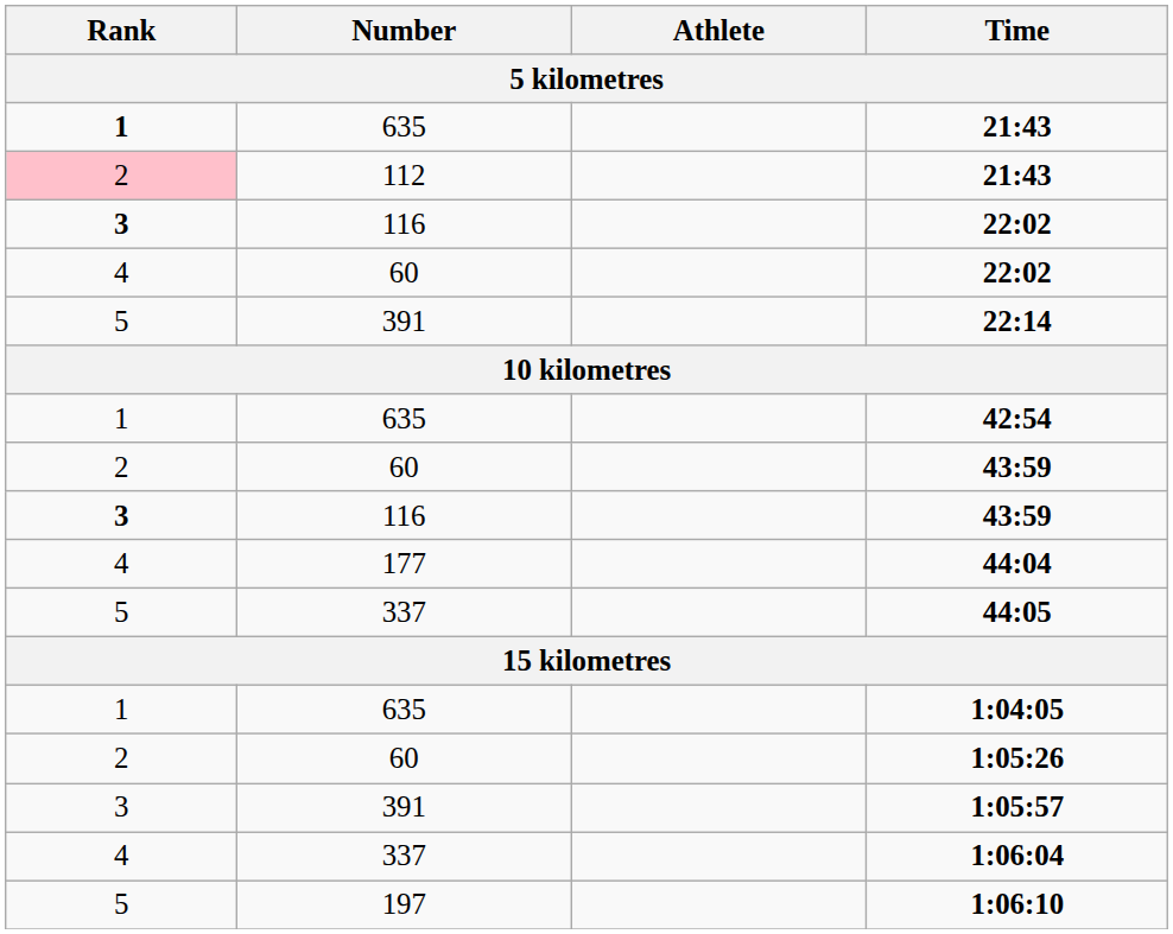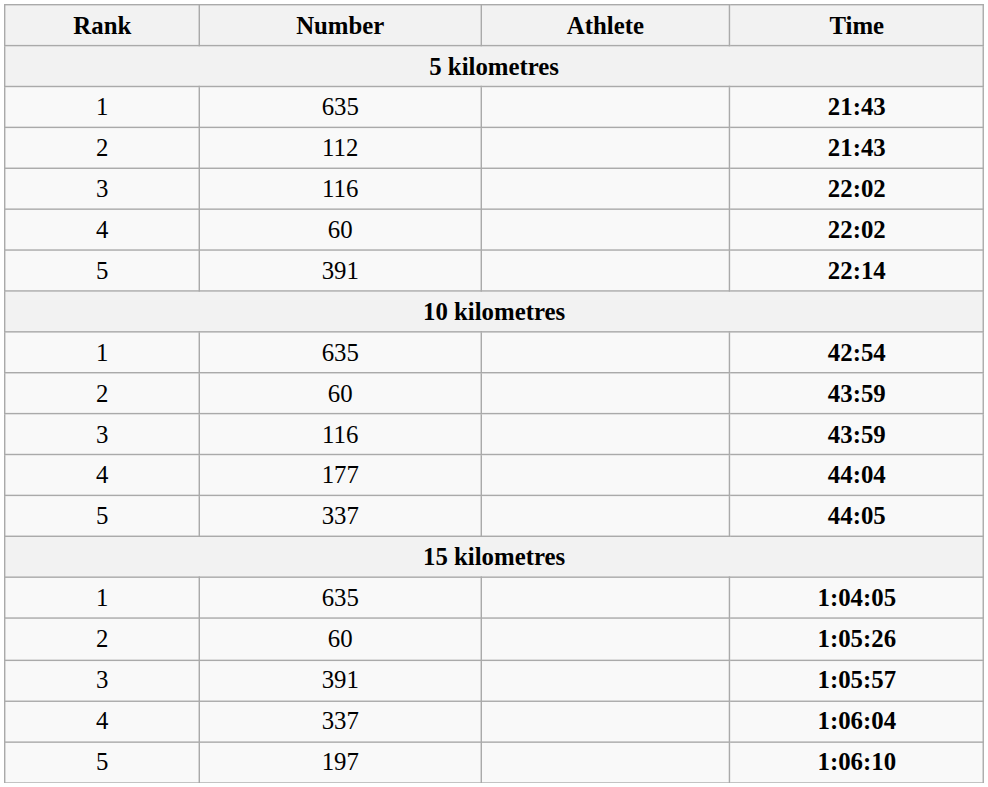 <table class="wikitable" style=" text-align:center; font-size:110%;" width="55%">
 <tr>
 <th>Rank</th>
 <th>Number</th>
 <th>Athlete</th>
 <th>Time</th>
 </tr>
 <tr>
 <th colspan="4">5 kilometres</th>
 </tr>
 <tr>
-<td><strong>1</strong></td>
+<td>1</td>
 <td>635</td>
 <td align=left></td>
 <td><strong>21:43</strong></td>
 </tr>
 <tr>
-<td style="background: pink;">2</td>
+<td>2</td>
 <td>112</td>
 <td align=left></td>
 <td><strong>21:43</strong></td>
 </tr>
 <tr>
-<td><strong>3</strong></td>
+<td>3</td>
 <td>116</td>
 <td align=left></td>
 <td><strong>22:02</strong></td>
 </tr>
 <tr>
 <td>4</td>
 <td>60</td>
 <td align=left></td>
 <td><strong>22:02</strong></td>
 </tr>
 <tr>
 <td>5</td>
 <td>391</td>
 <td align=left></td>
 <td><strong>22:14</strong></td>
 </tr>
 <tr>
 <th colspan="4">10 kilometres</th>
 </tr>
 <tr>
 <td>1</td>
 <td>635</td>
 <td align=left></td>
 <td><strong>42:54</strong></td>
 </tr>
 <tr>
 <td>2</td>
 <td>60</td>
 <td align=left></td>
 <td><strong>43:59</strong></td>
 </tr>
 <tr>
-<td><strong>3</strong></td>
+<td>3</td>
 <td>116</td>
 <td align=left></td>
 <td><strong>43:59</strong></td>
 </tr>
 <tr>
 <td>4</td>
 <td>177</td>
 <td align=left></td>
 <td><strong>44:04</strong></td>
 </tr>
 <tr>
 <td>5</td>
 <td>337</td>
 <td align=left></td>
 <td><strong>44:05</strong></td>
 </tr>
 <tr>
 <th colspan="4">15 kilometres</th>
 </tr>
 <tr>
 <td>1</td>
 <td>635</td>
 <td align=left></td>
 <td><strong>1:04:05</strong></td>
 </tr>
 <tr>
 <td>2</td>
 <td>60</td>
 <td align=left></td>
 <td><strong>1:05:26</strong></td>
 </tr>
 <tr>
 <td>3</td>
 <td>391</td>
 <td align=left></td>
 <td><strong>1:05:57</strong></td>
 </tr>
 <tr>
 <td>4</td>
 <td>337</td>
 <td align=left></td>
 <td><strong>1:06:04</strong></td>
 </tr>
 <tr>
 <td>5</td>
 <td>197</td>
 <td align=left></td>
 <td><strong>1:06:10</strong></td>
 </tr>
 </table>
